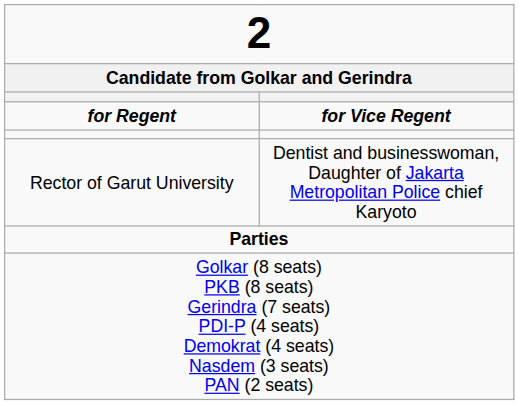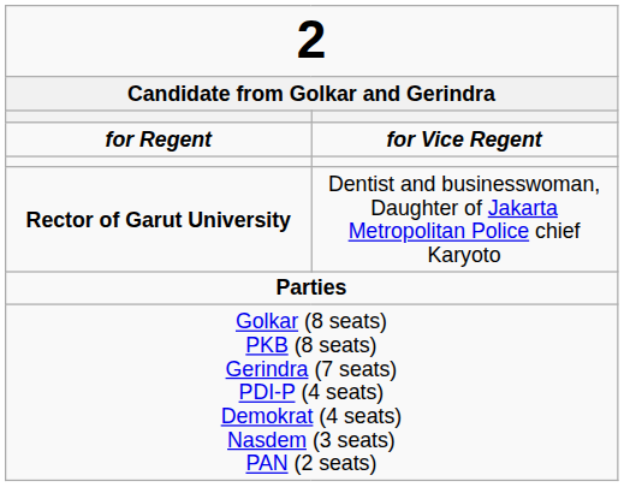 <table class="wikitable" style="font-size:90%; text-align:center;">
 <tr>
 <td colspan=2><big><big><big><big><big><strong>2</strong></big></big></big></big></big></td>
 </tr>
 <tr>
 <td colspan=2 style="background:#f1f1f1;"><strong>Candidate from Golkar and Gerindra</strong></td>
 </tr>
 <tr>
 <th style="width:3em; font-size:135%; background:#"></th>
 <th style="width:3em; font-size:135%; background:#"></th>
 </tr>
 <tr style="color:#000; font-size:100%; background:#">
 <td style="width:3em; width:200px;"><strong><em>for Regent</em></strong></td>
 <td style="width:3em; width:200px;"><strong><em>for Vice Regent</em></strong></td>
 </tr>
 <tr>
 <td></td>
 <td></td>
 </tr>
 <tr>
-<td>Rector of Garut University</td>
+<td><strong>Rector of Garut University</strong></td>
 <td>Dentist and businesswoman, Daughter of <a href='#'>Jakarta Metropolitan Police</a> chief Karyoto</td>
 </tr>
 <tr>
 <td colspan=2><strong>Parties</strong></td>
 </tr>
 <tr>
 <td colspan=2> <a href='#'>Golkar</a> (8 seats)<br><a href='#'>PKB</a> (8 seats)<br><a href='#'>Gerindra</a> (7 seats)<br><a href='#'>PDI-P</a> (4 seats)<br><a href='#'>Demokrat</a> (4 seats)<br><a href='#'>Nasdem</a> (3 seats)<br><a href='#'>PAN</a> (2 seats)</td>
 </tr>
 </table>
